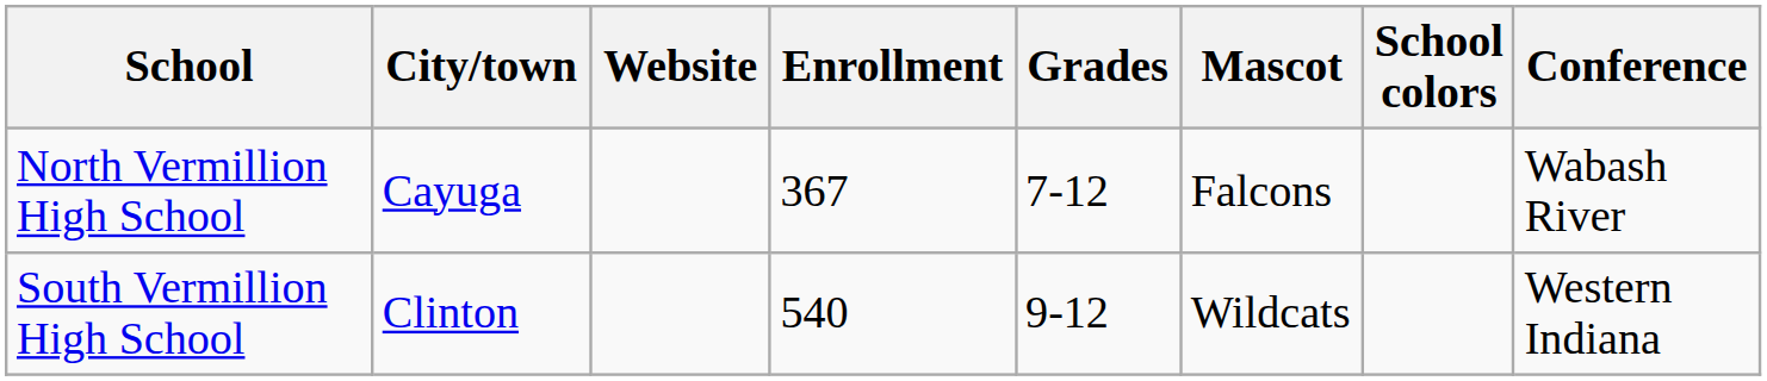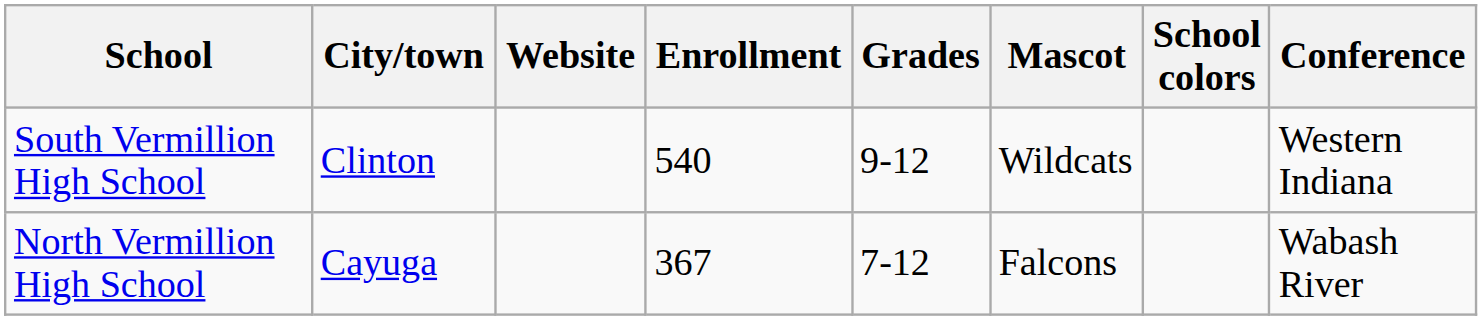 <table class="wikitable sortable" width="70%">
 <tr>
 <th width="20%">School</th>
 <th width="08%">City/town</th>
 <th width="06%">Website</th>
 <th width="04%">Enrollment</th>
 <th width="04%">Grades</th>
 <th width="04%">Mascot</th>
 <th width=01%>School colors</th>
 <th width="04%">Conference</th>
 </tr>
 <tr>
+<td><a href='#'>South Vermillion High School</a></td>
+<td><a href='#'>Clinton</a></td>
+<td></td>
+<td>540</td>
+<td>9-12</td>
+<td>Wildcats</td>
+<td>  </td>
+<td>Western Indiana</td>
+</tr>
+<tr>
 <td><a href='#'>North Vermillion High School</a></td>
 <td><a href='#'>Cayuga</a></td>
 <td></td>
 <td>367</td>
 <td>7-12</td>
 <td>Falcons</td>
 <td> </td>
 <td>Wabash River</td>
 </tr>
-<tr>
-<td><a href='#'>South Vermillion High School</a></td>
-<td><a href='#'>Clinton</a></td>
-<td></td>
-<td>540</td>
-<td>9-12</td>
-<td>Wildcats</td>
-<td>  </td>
-<td>Western Indiana</td>
-</tr>
 </table>
